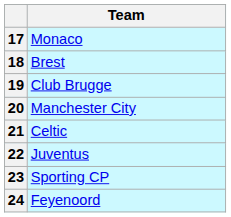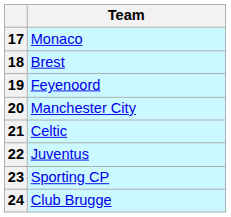 <table class="wikitable" style="white-space:nowrap; background-color:#CCF9FF">
 <tr>
 <th></th>
 <th style="width:210px">Team</th>
 </tr>
 <tr>
 <th>17</th>
 <td> <a href='#'>Monaco</a></td>
 </tr>
 <tr>
 <th>18</th>
 <td> <a href='#'>Brest</a></td>
 </tr>
 <tr>
 <th>19</th>
-<td> <a href='#'>Club Brugge</a></td>
+<td> <a href='#'>Feyenoord</a></td>
 </tr>
 <tr>
 <th>20</th>
 <td> <a href='#'>Manchester City</a></td>
 </tr>
 <tr>
 <th>21</th>
 <td> <a href='#'>Celtic</a></td>
 </tr>
 <tr>
 <th>22</th>
 <td> <a href='#'>Juventus</a></td>
 </tr>
 <tr>
 <th>23</th>
 <td> <a href='#'>Sporting CP</a></td>
 </tr>
 <tr>
 <th>24</th>
-<td> <a href='#'>Feyenoord</a></td>
+<td> <a href='#'>Club Brugge</a></td>
 </tr>
 </table>
